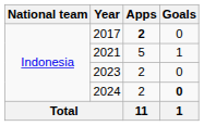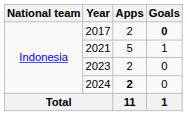 <table class=wikitable style=text-align:center>
 <tr>
 <th>National team</th>
 <th>Year</th>
 <th>Apps</th>
 <th>Goals</th>
 </tr>
 <tr>
 <td rowspan="4"><a href='#'>Indonesia</a></td>
 <td>2017</td>
-<td><strong>2</strong></td>
-<td>0</td>
+<td>2</td>
+<td><strong>0</strong></td>
 </tr>
 <tr>
 <td>2021</td>
 <td>5</td>
 <td>1</td>
 </tr>
 <tr>
 <td>2023</td>
 <td>2</td>
 <td>0</td>
 </tr>
 <tr>
 <td>2024</td>
-<td>2</td>
-<td><strong>0</strong></td>
+<td><strong>2</strong></td>
+<td>0</td>
 </tr>
 <tr>
 <th colspan="2">Total</th>
 <th>11</th>
 <th>1</th>
 </tr>
 </table>
